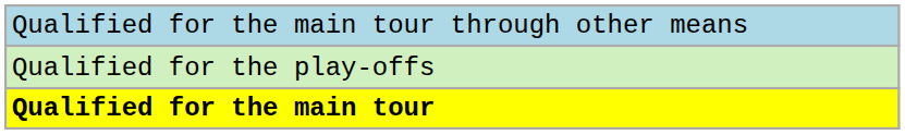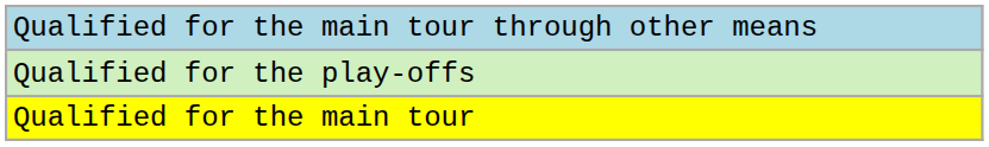 <table class="wikitable" style="font-size:85%; width:30%;">
 <tr style="background:lightblue;">
 <td>Qualified for the main tour through other means</td>
 </tr>
 <tr style="background:#d0f0c0;">
 <td>Qualified for the play-offs<br></td>
 </tr>
 <tr style="background:yellow;">
-<td><strong>Qualified for the main tour</strong></td>
+<td>Qualified for the main tour</td>
 </tr>
 </table>
